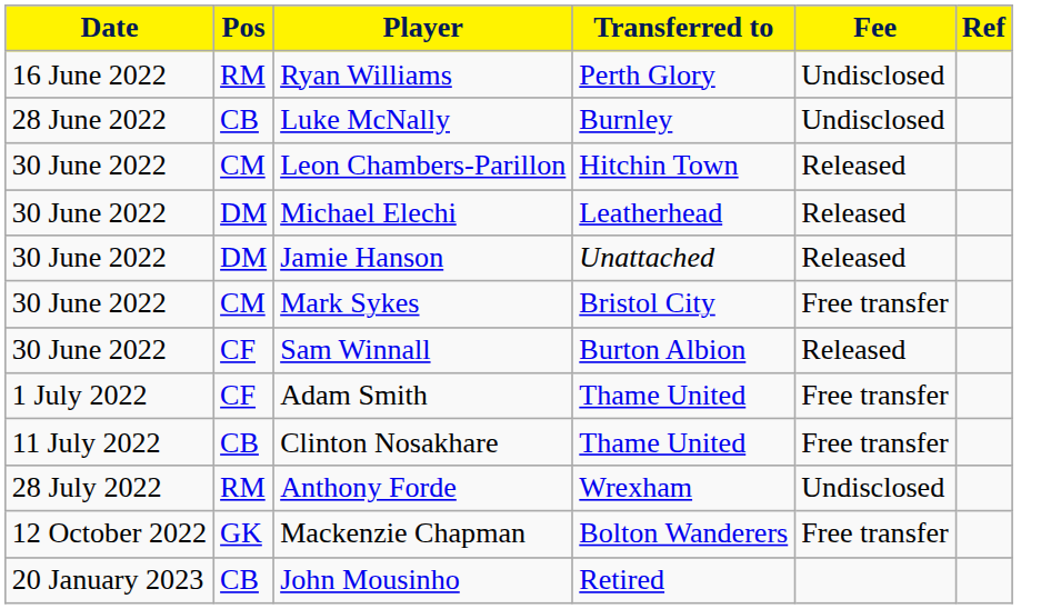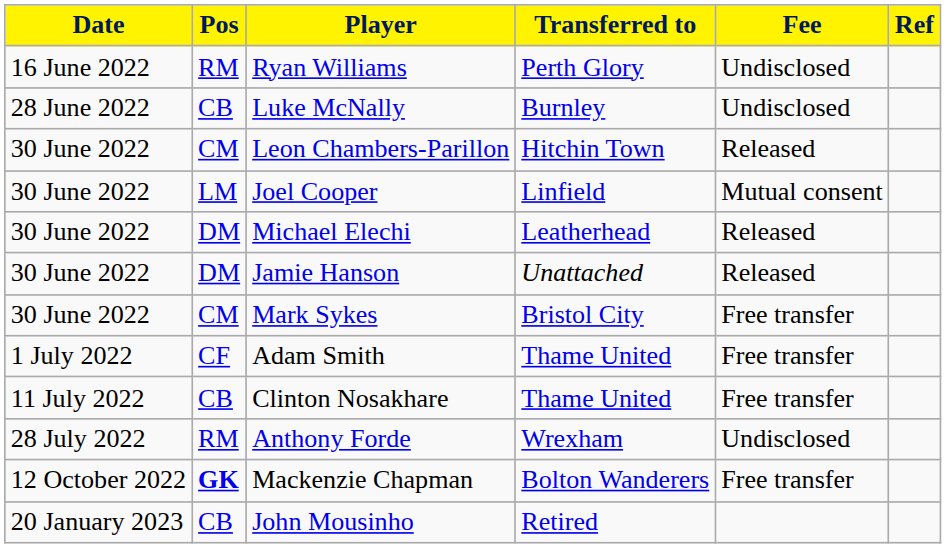 <table class="wikitable plainrowheaders sortable">
 <tr>
 <th style="background:#FFF300; color:#001958; ">Date</th>
 <th style="background:#FFF300; color:#001958; ">Pos</th>
 <th style="background:#FFF300; color:#001958; ">Player</th>
 <th style="background:#FFF300; color:#001958; ">Transferred to</th>
 <th style="background:#FFF300; color:#001958; ">Fee</th>
 <th style="background:#FFF300; color:#001958; ">Ref</th>
 </tr>
 <tr>
 <td>16 June 2022</td>
 <td><a href='#'>RM</a></td>
 <td> <a href='#'>Ryan Williams</a></td>
 <td> <a href='#'>Perth Glory</a></td>
 <td>Undisclosed</td>
 <td></td>
 </tr>
 <tr>
 <td>28 June 2022</td>
 <td><a href='#'>CB</a></td>
 <td> <a href='#'>Luke McNally</a></td>
 <td> <a href='#'>Burnley</a></td>
 <td>Undisclosed</td>
 <td></td>
 </tr>
 <tr>
 <td>30 June 2022</td>
 <td><a href='#'>CM</a></td>
 <td> <a href='#'>Leon Chambers-Parillon</a></td>
 <td> <a href='#'>Hitchin Town</a></td>
 <td>Released</td>
 <td></td>
 </tr>
 <tr>
 <td>30 June 2022</td>
+<td><a href='#'>LM</a></td>
+<td> <a href='#'>Joel Cooper</a></td>
+<td> <a href='#'>Linfield</a></td>
+<td>Mutual consent</td>
+<td></td>
+</tr>
+<tr>
+<td>30 June 2022</td>
 <td><a href='#'>DM</a></td>
 <td> <a href='#'>Michael Elechi</a></td>
 <td> <a href='#'>Leatherhead</a></td>
 <td>Released</td>
 <td></td>
 </tr>
 <tr>
 <td>30 June 2022</td>
 <td><a href='#'>DM</a></td>
 <td> <a href='#'>Jamie Hanson</a></td>
 <td> <em>Unattached</em></td>
 <td>Released</td>
 <td></td>
 </tr>
 <tr>
 <td>30 June 2022</td>
 <td><a href='#'>CM</a></td>
 <td> <a href='#'>Mark Sykes</a></td>
 <td> <a href='#'>Bristol City</a></td>
 <td>Free transfer</td>
-<td></td>
-</tr>
-<tr>
-<td>30 June 2022</td>
-<td><a href='#'>CF</a></td>
-<td> <a href='#'>Sam Winnall</a></td>
-<td> <a href='#'>Burton Albion</a></td>
-<td>Released</td>
 <td></td>
 </tr>
 <tr>
 <td>1 July 2022</td>
 <td><a href='#'>CF</a></td>
 <td> Adam Smith</td>
 <td> <a href='#'>Thame United</a></td>
 <td>Free transfer</td>
 <td></td>
 </tr>
 <tr>
 <td>11 July 2022</td>
 <td><a href='#'>CB</a></td>
 <td> Clinton Nosakhare</td>
 <td> <a href='#'>Thame United</a></td>
 <td>Free transfer</td>
 <td></td>
 </tr>
 <tr>
 <td>28 July 2022</td>
 <td><a href='#'>RM</a></td>
 <td> <a href='#'>Anthony Forde</a></td>
 <td> <a href='#'>Wrexham</a></td>
 <td>Undisclosed</td>
 <td></td>
 </tr>
 <tr>
 <td>12 October 2022</td>
-<td><a href='#'>GK</a></td>
+<td><strong><a href='#'>GK</a></strong></td>
 <td> Mackenzie Chapman</td>
 <td> <a href='#'>Bolton Wanderers</a></td>
 <td>Free transfer</td>
 <td></td>
 </tr>
 <tr>
 <td>20 January 2023</td>
 <td><a href='#'>CB</a></td>
 <td> <a href='#'>John Mousinho</a></td>
 <td> <a href='#'>Retired</a></td>
 <td></td>
 <td></td>
 </tr>
 </table>
